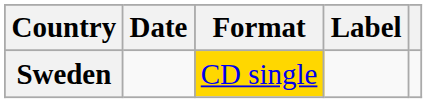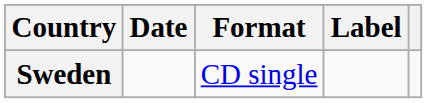 <table class="wikitable plainrowheaders">
 <tr>
 <th scope="col">Country</th>
 <th scope="col">Date</th>
 <th scope="col">Format</th>
 <th scope="col">Label</th>
 <th scope="col"></th>
 </tr>
 <tr>
 <th scope="row" rowspan="2">Sweden</th>
 <td rowspan="2"></td>
-<td style="background: gold;"><a href='#'>CD single</a></td>
+<td><a href='#'>CD single</a></td>
 <td></td>
 <td></td>
 </tr>
 </table>
